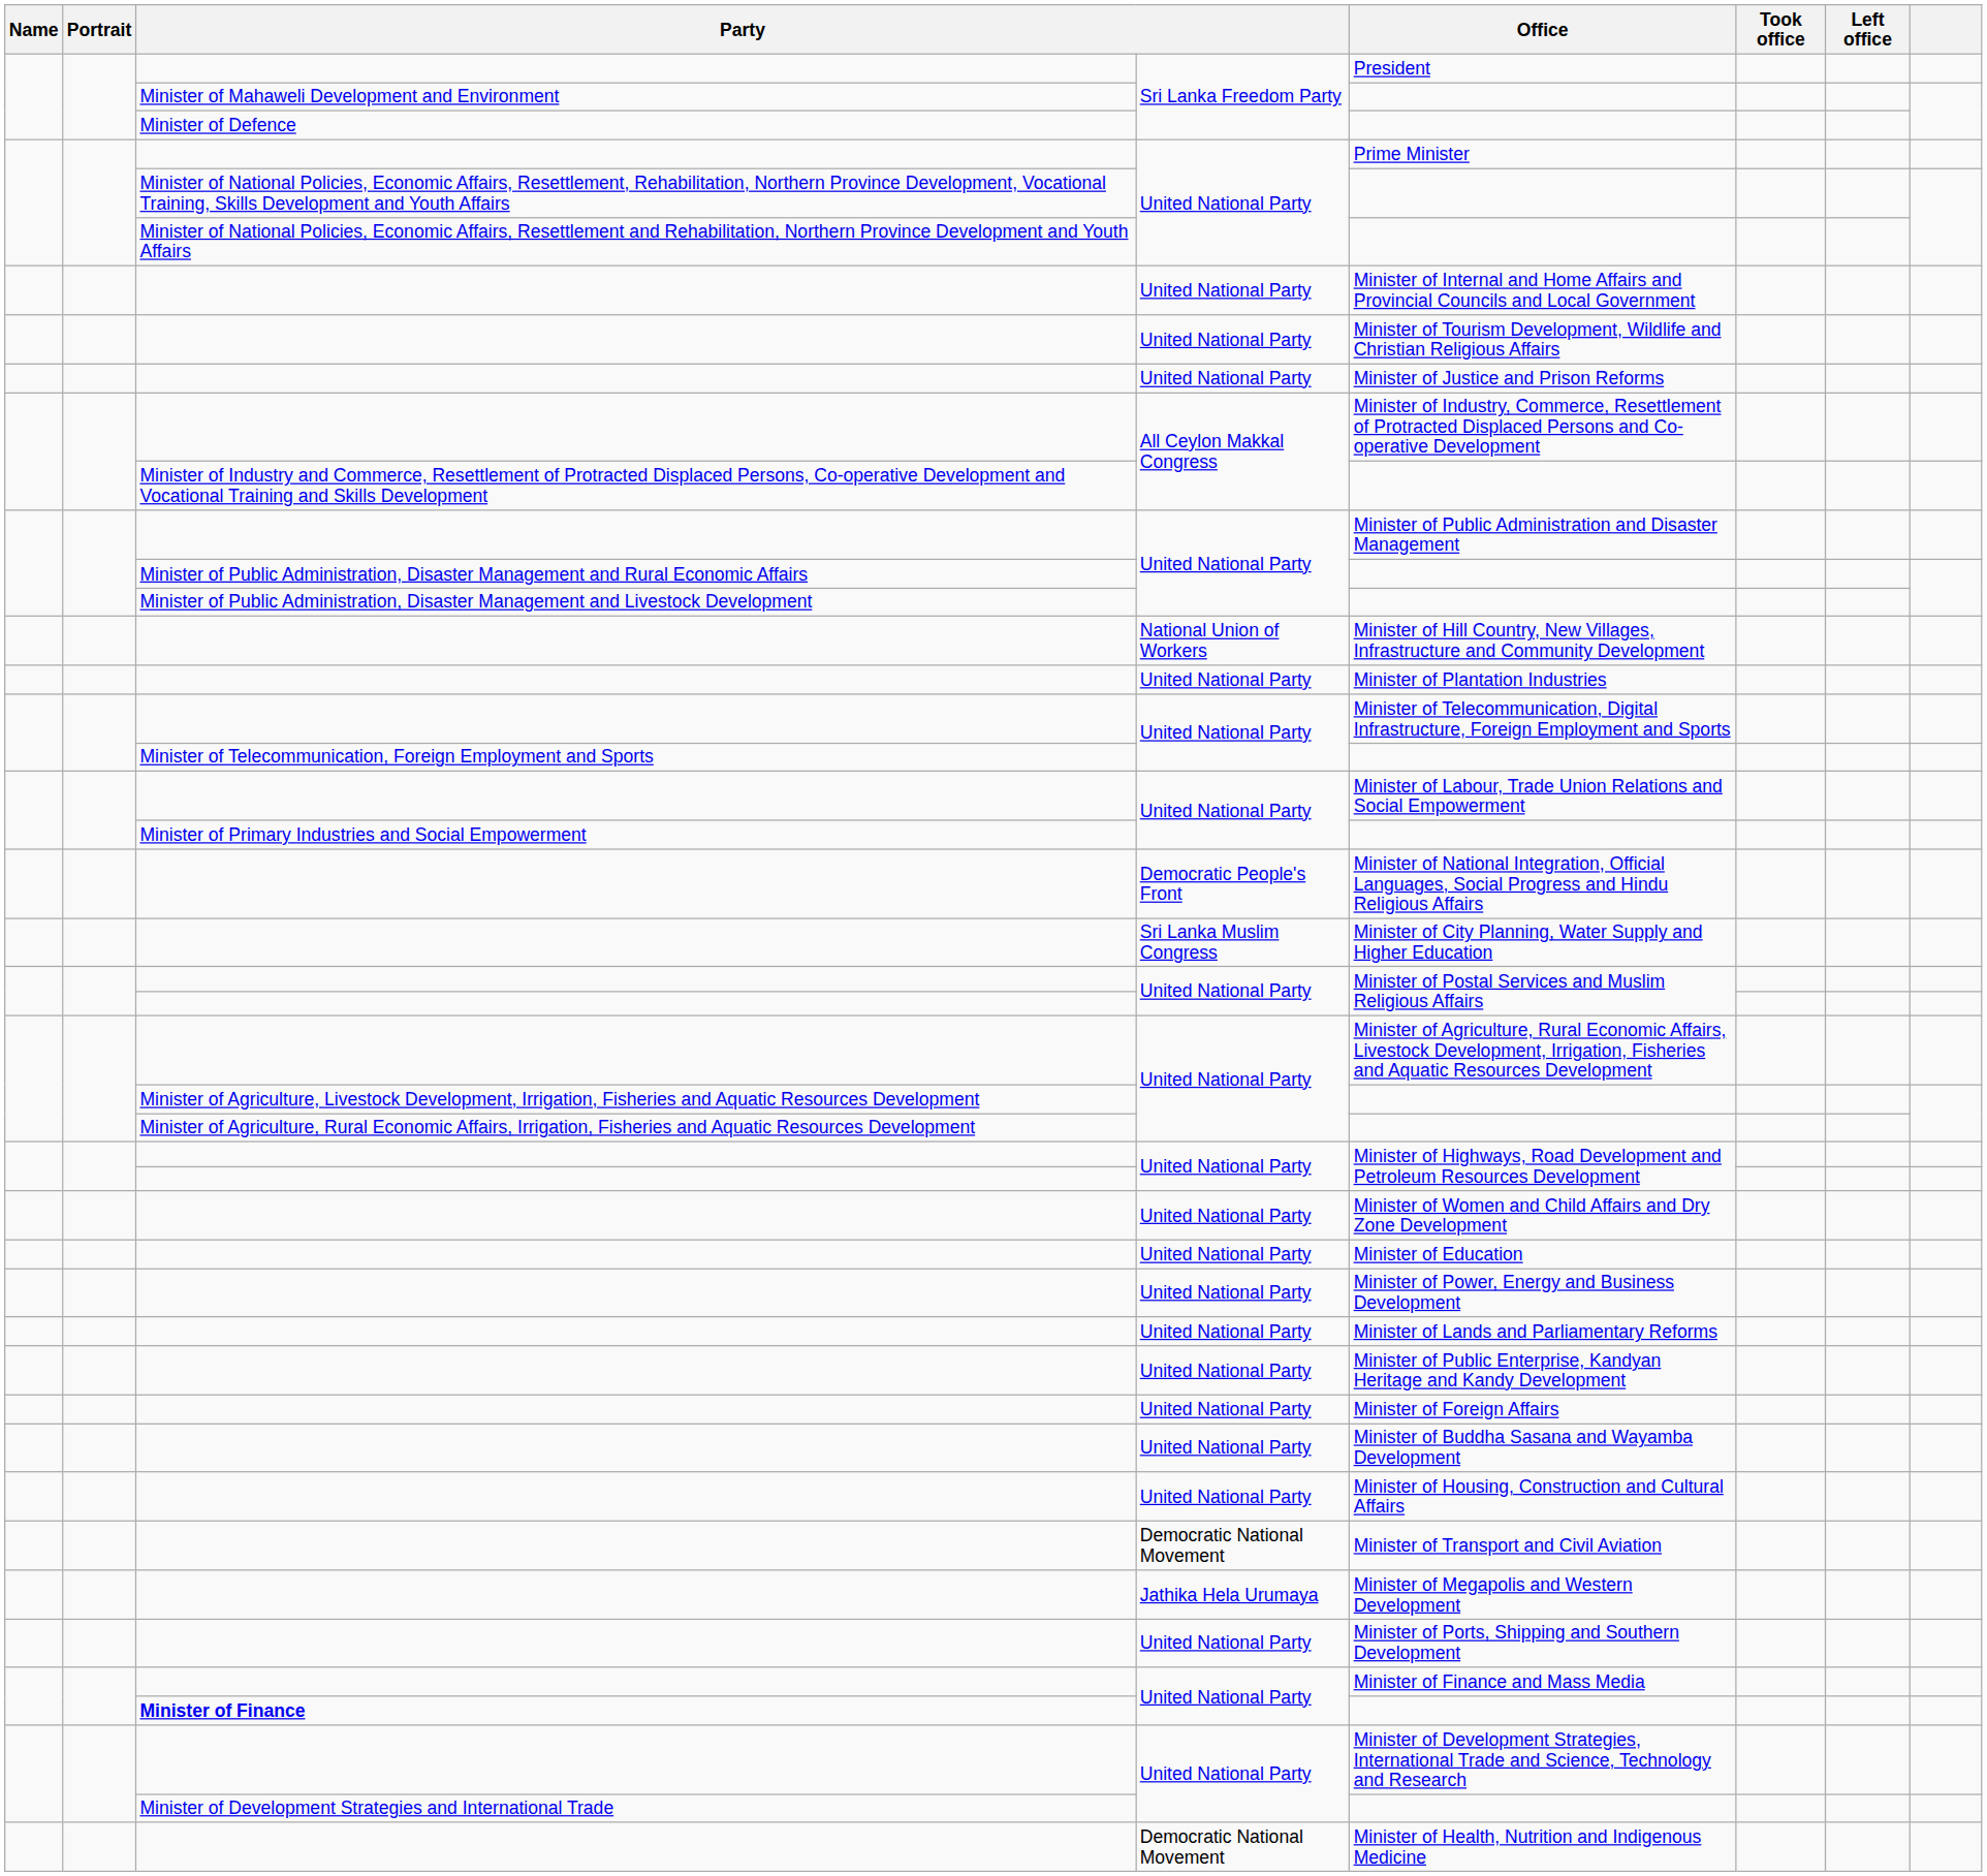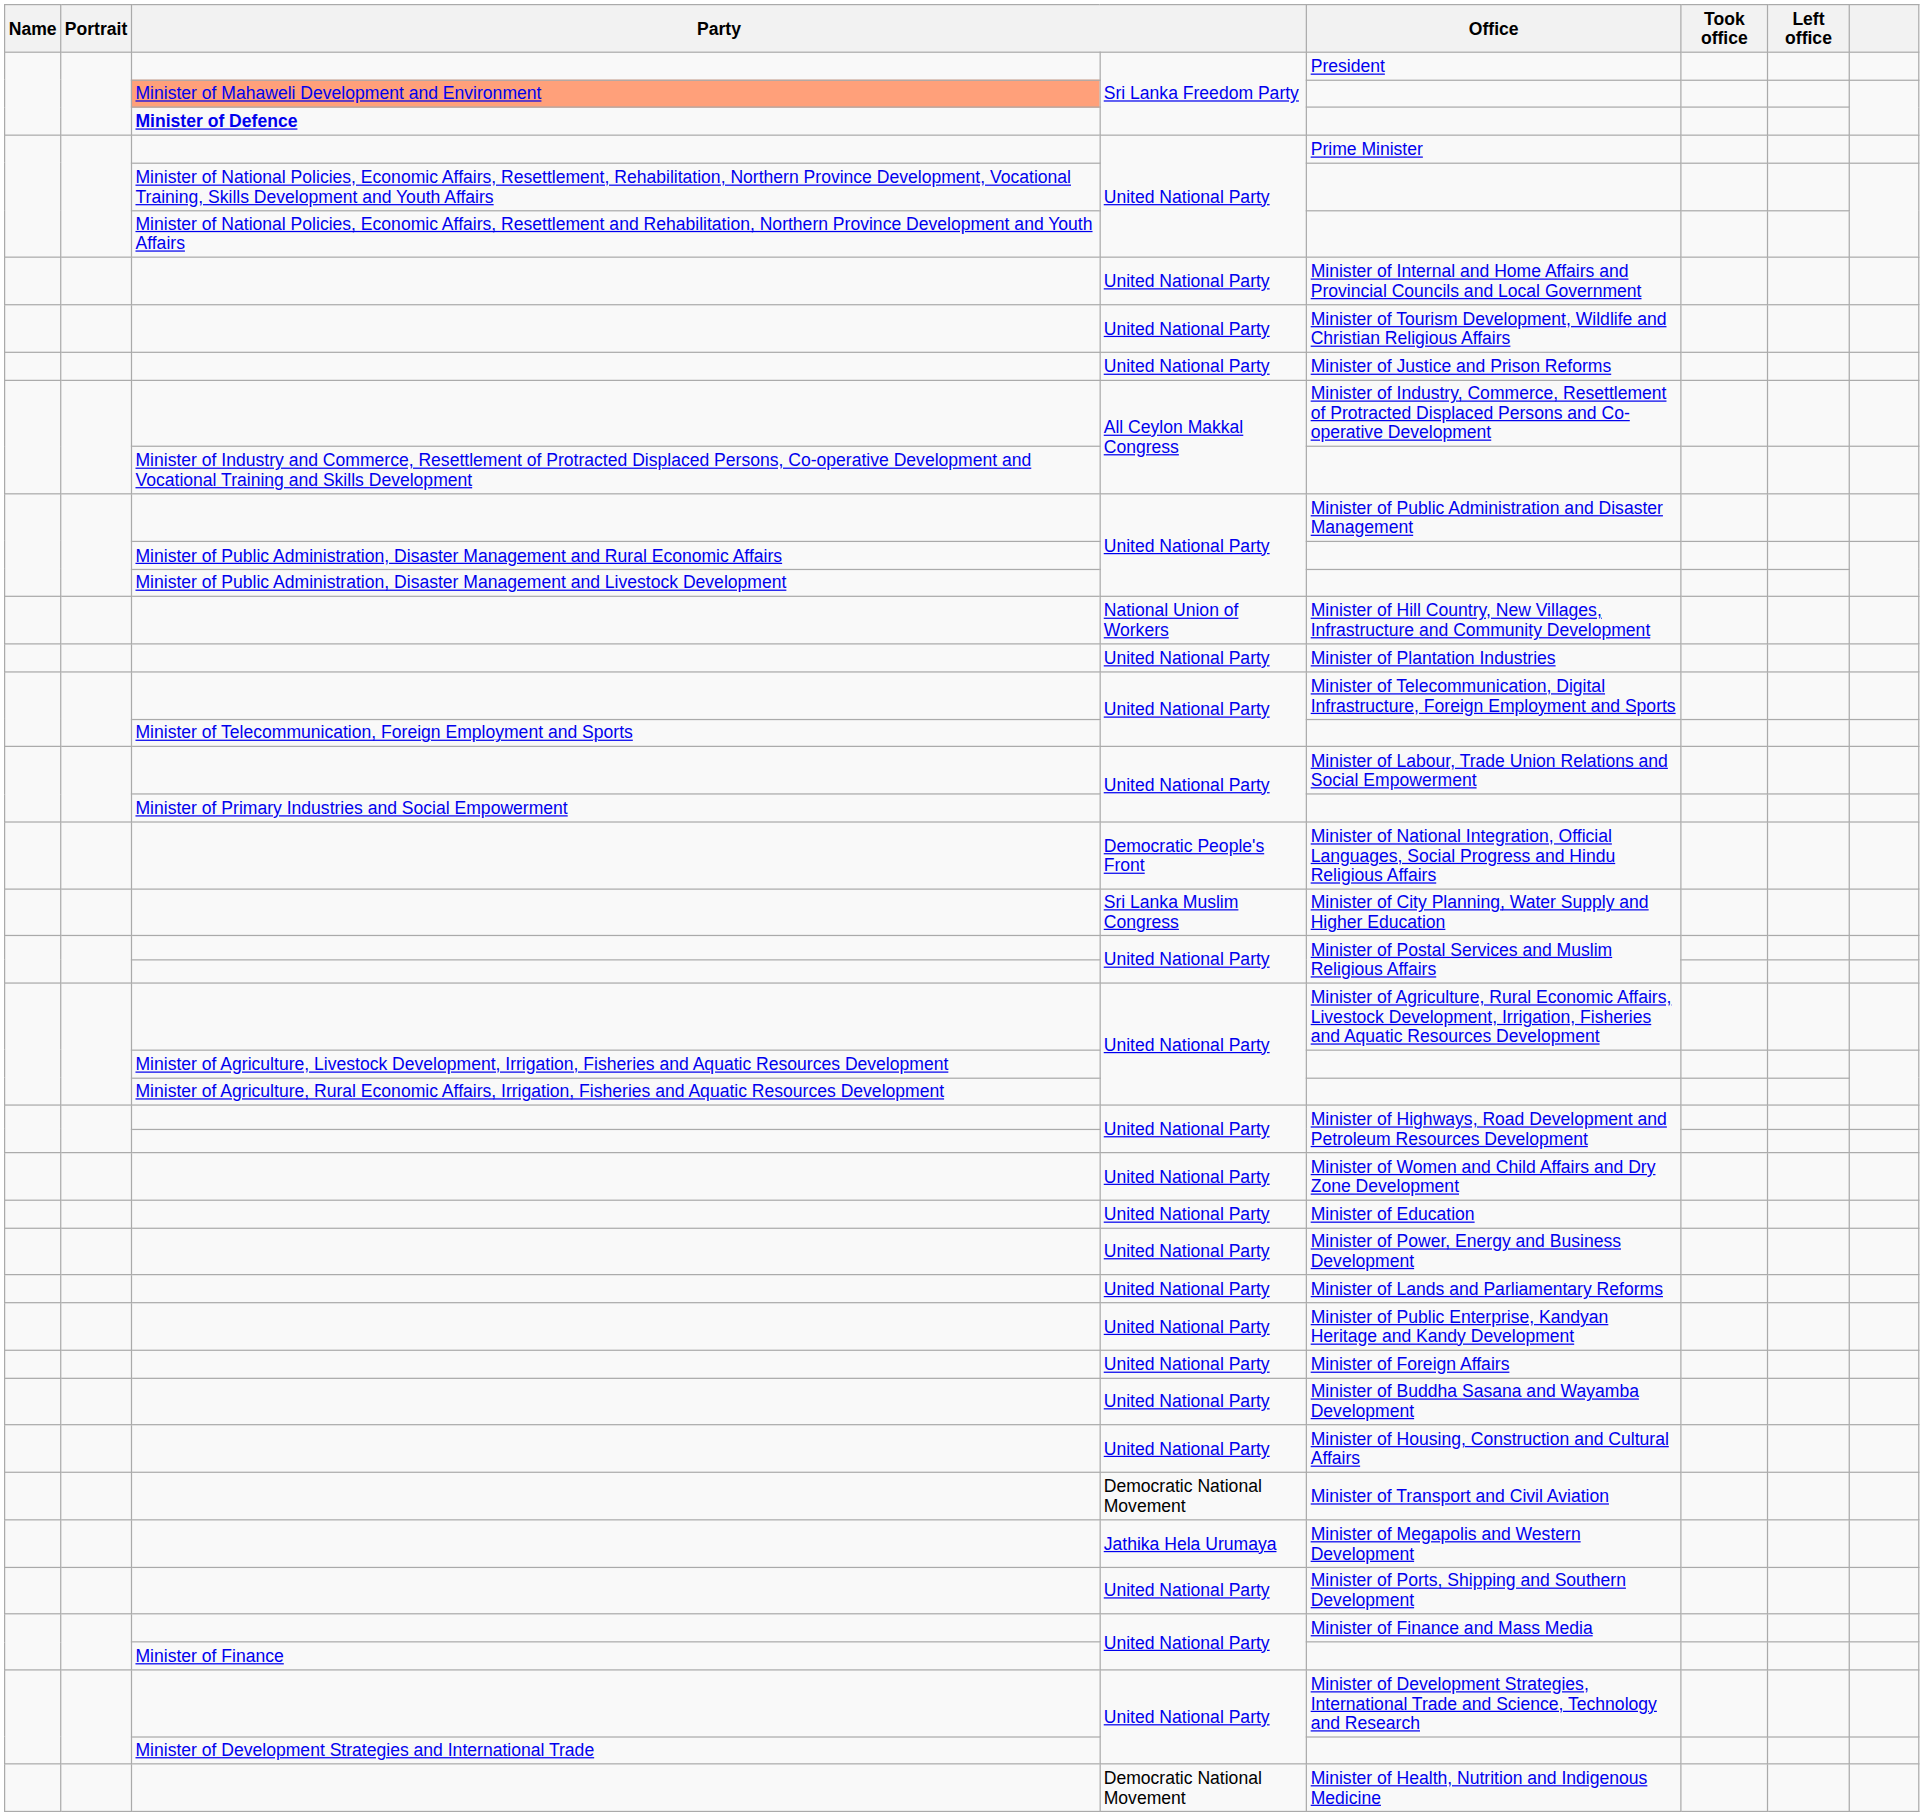 <table class="wikitable plainrowheaders sortable" style="font-size:90%; text-align:left;">
 <tr>
 <th scope=col>Name</th>
 <th scope=col class=unsortable>Portrait</th>
 <th scope=col colspan="2">Party</th>
 <th scope=col width=300px>Office</th>
 <th scope=col>Took office</th>
 <th scope=col>Left office</th>
 <th scope=col width=50px class=unsortable></th>
 </tr>
 <tr>
 <td rowspan=3></td>
 <td align=center rowspan=3></td>
 <td !align="center" style="background:"></td>
 <td rowspan=3><a href='#'>Sri Lanka Freedom Party</a></td>
 <td><a href='#'>President</a></td>
 <td align=center></td>
 <td align=center></td>
 <td align=center></td>
 </tr>
 <tr>
-<td><a href='#'>Minister of Mahaweli Development and Environment</a></td>
+<td style="background: lightsalmon;"><a href='#'>Minister of Mahaweli Development and Environment</a></td>
 <td align=center></td>
 <td align=center></td>
 <td align=center></td>
 </tr>
 <tr>
-<td><a href='#'>Minister of Defence</a></td>
+<td><strong><a href='#'>Minister of Defence</a></strong></td>
 <td align=center></td>
 <td align=center></td>
 <td align=center></td>
 </tr>
 <tr>
 <td rowspan=3></td>
 <td align=center rowspan=3></td>
 <td !align="center" style="background:"></td>
 <td rowspan=3><a href='#'>United National Party</a></td>
 <td><a href='#'>Prime Minister</a></td>
 <td align=center></td>
 <td align=center></td>
 <td align=center></td>
 </tr>
 <tr>
 <td><a href='#'>Minister of National Policies, Economic Affairs, Resettlement, Rehabilitation, Northern Province Development, Vocational Training, Skills Development and Youth Affairs</a></td>
 <td align=center></td>
 <td align=center></td>
 <td align=center></td>
 </tr>
 <tr>
 <td><a href='#'>Minister of National Policies, Economic Affairs, Resettlement and Rehabilitation, Northern Province Development and Youth Affairs</a></td>
 <td align=center></td>
 <td align=center></td>
 <td align=center></td>
 </tr>
 <tr>
 <td></td>
 <td align=center></td>
 <td !align="center" style="background:"></td>
 <td><a href='#'>United National Party</a></td>
 <td><a href='#'>Minister of Internal and Home Affairs and Provincial Councils and Local Government</a></td>
 <td align=center></td>
 <td align=center></td>
 <td align=center></td>
 </tr>
 <tr>
 <td></td>
 <td align=center></td>
 <td !align="center" style="background:"></td>
 <td><a href='#'>United National Party</a></td>
 <td><a href='#'>Minister of Tourism Development, Wildlife and Christian Religious Affairs</a></td>
 <td align=center></td>
 <td align=center></td>
 <td align=center></td>
 </tr>
 <tr>
 <td></td>
 <td align=center></td>
 <td !align="center" style="background:"></td>
 <td><a href='#'>United National Party</a></td>
 <td><a href='#'>Minister of Justice and Prison Reforms</a></td>
 <td align=center></td>
 <td align=center></td>
 <td align=center></td>
 </tr>
 <tr>
 <td rowspan=2></td>
 <td align=center rowspan=2></td>
 <td !align="center" style="background:"></td>
 <td rowspan=2><a href='#'>All Ceylon Makkal Congress</a></td>
 <td><a href='#'>Minister of Industry, Commerce, Resettlement of Protracted Displaced Persons and Co-operative Development</a></td>
 <td align=center></td>
 <td align=center></td>
 <td align=center></td>
 </tr>
 <tr>
 <td><a href='#'>Minister of Industry and Commerce, Resettlement of Protracted Displaced Persons, Co-operative Development and Vocational Training and Skills Development</a></td>
 <td align=center></td>
 <td align=center></td>
 <td align=center></td>
 </tr>
 <tr>
 <td rowspan=3></td>
 <td align=center rowspan=3></td>
 <td !align="center" style="background:"></td>
 <td rowspan=3><a href='#'>United National Party</a></td>
 <td><a href='#'>Minister of Public Administration and Disaster Management</a></td>
 <td align=center></td>
 <td align=center></td>
 <td align=center></td>
 </tr>
 <tr>
 <td><a href='#'>Minister of Public Administration, Disaster Management and Rural Economic Affairs</a></td>
 <td align=center></td>
 <td align=center></td>
 <td align=center></td>
 </tr>
 <tr>
 <td><a href='#'>Minister of Public Administration, Disaster Management and Livestock Development</a></td>
 <td align=center></td>
 <td align=center></td>
 <td align=center></td>
 </tr>
 <tr>
 <td></td>
 <td align=center></td>
 <td !align="center" style="background:"></td>
 <td><a href='#'>National Union of Workers</a></td>
 <td><a href='#'>Minister of Hill Country, New Villages, Infrastructure and Community Development</a></td>
 <td align=center></td>
 <td align=center></td>
 <td align=center></td>
 </tr>
 <tr>
 <td></td>
 <td align=center></td>
 <td !align="center" style="background:"></td>
 <td><a href='#'>United National Party</a></td>
 <td><a href='#'>Minister of Plantation Industries</a></td>
 <td align=center></td>
 <td align=center></td>
 <td align=center></td>
 </tr>
 <tr>
 <td rowspan=2></td>
 <td align=center rowspan=2></td>
 <td !align="center" style="background:"></td>
 <td rowspan=2><a href='#'>United National Party</a></td>
 <td><a href='#'>Minister of Telecommunication, Digital Infrastructure, Foreign Employment and Sports</a></td>
 <td align=center></td>
 <td align=center></td>
 <td align=center></td>
 </tr>
 <tr>
 <td><a href='#'>Minister of Telecommunication, Foreign Employment and Sports</a></td>
 <td align=center></td>
 <td align=center></td>
 <td align=center></td>
 </tr>
 <tr>
 <td rowspan=2></td>
 <td align=center rowspan=2></td>
 <td !align="center" style="background:"></td>
 <td rowspan=2><a href='#'>United National Party</a></td>
 <td><a href='#'>Minister of Labour, Trade Union Relations and Social Empowerment</a></td>
 <td align=center></td>
 <td align=center></td>
 <td align=center></td>
 </tr>
 <tr>
 <td><a href='#'>Minister of Primary Industries and Social Empowerment</a></td>
 <td align=center></td>
 <td align=center></td>
 <td align=center></td>
 </tr>
 <tr>
 <td></td>
 <td align=center></td>
 <td !align="center" style="background:"></td>
 <td><a href='#'>Democratic People's Front</a></td>
 <td><a href='#'>Minister of National Integration, Official Languages, Social Progress and Hindu Religious Affairs</a></td>
 <td align=center></td>
 <td align=center></td>
 <td align=center></td>
 </tr>
 <tr>
 <td></td>
 <td align=center></td>
 <td !align="center" style="background:"></td>
 <td><a href='#'>Sri Lanka Muslim Congress</a></td>
 <td><a href='#'>Minister of City Planning, Water Supply and Higher Education</a></td>
 <td align=center></td>
 <td align=center></td>
 <td align=center></td>
 </tr>
 <tr>
 <td rowspan=2></td>
 <td align=center rowspan=2></td>
 <td !align="center" style="background:"></td>
 <td rowspan=2><a href='#'>United National Party</a></td>
 <td rowspan=2><a href='#'>Minister of Postal Services and Muslim Religious Affairs</a></td>
 <td align=center></td>
 <td align=center></td>
 <td align=center></td>
 </tr>
 <tr>
 <td align=center></td>
 <td align=center></td>
 <td align=center></td>
 </tr>
 <tr>
 <td rowspan=3></td>
 <td align=center rowspan=3></td>
 <td !align="center" style="background:"></td>
 <td rowspan=3><a href='#'>United National Party</a></td>
 <td><a href='#'>Minister of Agriculture, Rural Economic Affairs, Livestock Development, Irrigation, Fisheries and Aquatic Resources Development</a></td>
 <td align=center></td>
 <td align=center></td>
 <td align=center></td>
 </tr>
 <tr>
 <td><a href='#'>Minister of Agriculture, Livestock Development, Irrigation, Fisheries and Aquatic Resources Development</a></td>
 <td align=center></td>
 <td align=center></td>
 <td align=center></td>
 </tr>
 <tr>
 <td><a href='#'>Minister of Agriculture, Rural Economic Affairs, Irrigation, Fisheries and Aquatic Resources Development</a></td>
 <td align=center></td>
 <td align=center></td>
 <td align=center></td>
 </tr>
 <tr>
 <td rowspan=2></td>
 <td align=center rowspan=2></td>
 <td !align="center" style="background:"></td>
 <td rowspan=2><a href='#'>United National Party</a></td>
 <td rowspan=2><a href='#'>Minister of Highways, Road Development and Petroleum Resources Development</a></td>
 <td align=center></td>
 <td align=center></td>
 <td align=center></td>
 </tr>
 <tr>
 <td align=center></td>
 <td align=center></td>
 <td align=center></td>
 </tr>
 <tr>
 <td></td>
 <td align=center></td>
 <td !align="center" style="background:"></td>
 <td><a href='#'>United National Party</a></td>
 <td><a href='#'>Minister of Women and Child Affairs and Dry Zone Development</a></td>
 <td align=center></td>
 <td align=center></td>
 <td align=center></td>
 </tr>
 <tr>
 <td></td>
 <td align=center></td>
 <td !align="center" style="background:"></td>
 <td><a href='#'>United National Party</a></td>
 <td><a href='#'>Minister of Education</a></td>
 <td align=center></td>
 <td align=center></td>
 <td align=center></td>
 </tr>
 <tr>
 <td></td>
 <td align=center></td>
 <td !align="center" style="background:"></td>
 <td><a href='#'>United National Party</a></td>
 <td><a href='#'>Minister of Power, Energy and Business Development</a></td>
 <td align=center></td>
 <td align=center></td>
 <td align=center></td>
 </tr>
 <tr>
 <td></td>
 <td align=center></td>
 <td !align="center" style="background:"></td>
 <td><a href='#'>United National Party</a></td>
 <td><a href='#'>Minister of Lands and Parliamentary Reforms</a></td>
 <td align=center></td>
 <td align=center></td>
 <td align=center></td>
 </tr>
 <tr>
 <td></td>
 <td align=center></td>
 <td !align="center" style="background:"></td>
 <td><a href='#'>United National Party</a></td>
 <td><a href='#'>Minister of Public Enterprise, Kandyan Heritage and Kandy Development</a></td>
 <td align=center></td>
 <td align=center></td>
 <td align=center></td>
 </tr>
 <tr>
 <td></td>
 <td align=center></td>
 <td !align="center" style="background:"></td>
 <td><a href='#'>United National Party</a></td>
 <td><a href='#'>Minister of Foreign Affairs</a></td>
 <td align=center></td>
 <td align=center></td>
 <td align=center></td>
 </tr>
 <tr>
 <td></td>
 <td align=center></td>
 <td !align="center" style="background:"></td>
 <td><a href='#'>United National Party</a></td>
 <td><a href='#'>Minister of Buddha Sasana and Wayamba Development</a></td>
 <td align=center></td>
 <td align=center></td>
 <td align=center></td>
 </tr>
 <tr>
 <td></td>
 <td align=center></td>
 <td !align="center" style="background:"></td>
 <td><a href='#'>United National Party</a></td>
 <td><a href='#'>Minister of Housing, Construction and Cultural Affairs</a></td>
 <td align=center></td>
 <td align=center></td>
 <td align=center></td>
 </tr>
 <tr>
 <td></td>
 <td align=center></td>
 <td></td>
 <td>Democratic National Movement</td>
 <td><a href='#'>Minister of Transport and Civil Aviation</a></td>
 <td align=center></td>
 <td align=center></td>
 <td align=center></td>
 </tr>
 <tr>
 <td></td>
 <td align=center></td>
 <td !align="center" style="background:"></td>
 <td><a href='#'>Jathika Hela Urumaya</a></td>
 <td><a href='#'>Minister of Megapolis and Western Development</a></td>
 <td align=center></td>
 <td align=center></td>
 <td align=center></td>
 </tr>
 <tr>
 <td></td>
 <td align=center></td>
 <td !align="center" style="background:"></td>
 <td><a href='#'>United National Party</a></td>
 <td><a href='#'>Minister of Ports, Shipping and Southern Development</a></td>
 <td align=center></td>
 <td align=center></td>
 <td align=center></td>
 </tr>
 <tr>
 <td rowspan=2></td>
 <td align=center rowspan=2></td>
 <td !align="center" style="background:"></td>
 <td rowspan=2><a href='#'>United National Party</a></td>
 <td><a href='#'>Minister of Finance and Mass Media</a></td>
 <td align=center></td>
 <td align=center></td>
 <td align=center></td>
 </tr>
 <tr>
-<td><strong><a href='#'>Minister of Finance</a></strong></td>
+<td><a href='#'>Minister of Finance</a></td>
 <td align=center></td>
 <td align=center></td>
 <td align=center></td>
 </tr>
 <tr>
 <td rowspan=2></td>
 <td align=center rowspan=2></td>
 <td !align="center" style="background:"></td>
 <td rowspan=2><a href='#'>United National Party</a></td>
 <td><a href='#'>Minister of Development Strategies, International Trade and Science, Technology and Research</a></td>
 <td align=center></td>
 <td align=center></td>
 <td align=center></td>
 </tr>
 <tr>
 <td><a href='#'>Minister of Development Strategies and International Trade</a></td>
 <td align=center></td>
 <td align=center></td>
 <td align=center></td>
 </tr>
 <tr>
 <td></td>
 <td align=center></td>
 <td></td>
 <td>Democratic National Movement</td>
 <td><a href='#'>Minister of Health, Nutrition and Indigenous Medicine</a></td>
 <td align=center></td>
 <td align=center></td>
 <td align=center></td>
 </tr>
 </table>
